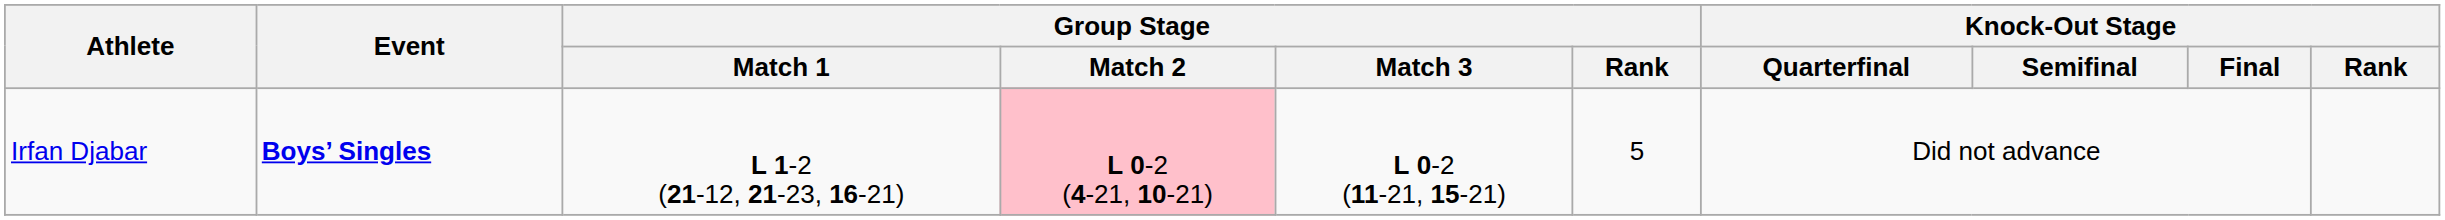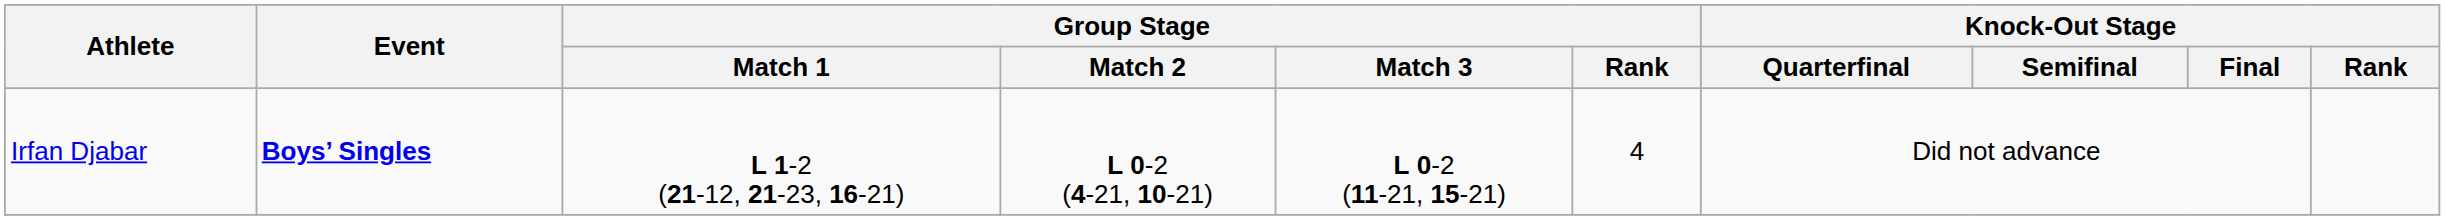 <table class="wikitable" width="85%" style="text-align:left; font-size:90%">
 <tr>
 <th rowspan=2>Athlete</th>
 <th rowspan=2>Event</th>
 <th colspan=4>Group Stage</th>
 <th colspan=4>Knock-Out Stage</th>
 </tr>
 <tr>
 <th>Match 1</th>
 <th>Match 2</th>
 <th>Match 3</th>
 <th>Rank</th>
 <th>Quarterfinal</th>
 <th>Semifinal</th>
 <th>Final</th>
 <th>Rank</th>
 </tr>
 <tr>
 <td><a href='#'>Irfan Djabar</a></td>
 <td><strong><a href='#'>Boys’ Singles</a></strong></td>
 <td align=center> <br><br><strong>L</strong> <strong>1</strong>-2 <br> (<strong>21</strong>-12, <strong>21</strong>-23, <strong>16</strong>-21)</td>
-<td align=center style="background: pink;"> <br><br><strong>L</strong> <strong>0</strong>-2 <br> (<strong>4</strong>-21, <strong>10</strong>-21)</td>
+<td align=center> <br><br><strong>L</strong> <strong>0</strong>-2 <br> (<strong>4</strong>-21, <strong>10</strong>-21)</td>
 <td align=center> <br><br><strong>L</strong> <strong>0</strong>-2 <br> (<strong>11</strong>-21, <strong>15</strong>-21)</td>
-<td align=center>5</td>
+<td align=center>4</td>
 <td colspan="3" align=center>Did not advance</td>
 <td align=center></td>
 </tr>
 </table>
